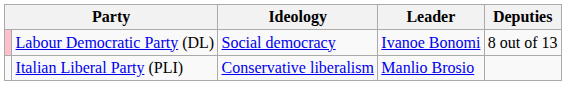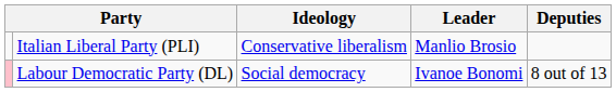 <table class=wikitable style=text-align:left>
 <tr>
 <th colspan=2>Party</th>
 <th>Ideology</th>
 <th>Leader</th>
 <th>Deputies</th>
 </tr>
 <tr>
+<td></td>
+<td><a href='#'>Italian Liberal Party</a> (PLI)</td>
+<td><a href='#'>Conservative liberalism</a></td>
+<td><a href='#'>Manlio Brosio</a></td>
+<td></td>
+</tr>
+<tr>
 <td bgcolor="pink"></td>
 <td><a href='#'>Labour Democratic Party</a> (DL)</td>
 <td><a href='#'>Social democracy</a></td>
 <td><a href='#'>Ivanoe Bonomi</a></td>
 <td>8 out of 13</td>
 </tr>
-<tr>
-<td></td>
-<td><a href='#'>Italian Liberal Party</a> (PLI)</td>
-<td><a href='#'>Conservative liberalism</a></td>
-<td><a href='#'>Manlio Brosio</a></td>
-<td></td>
-</tr>
 </table>
